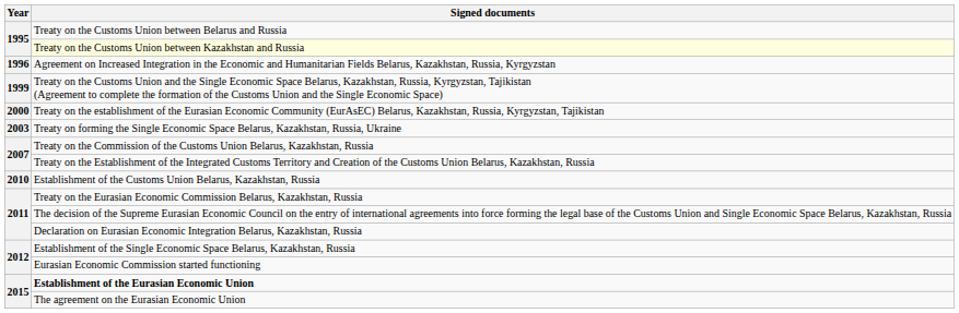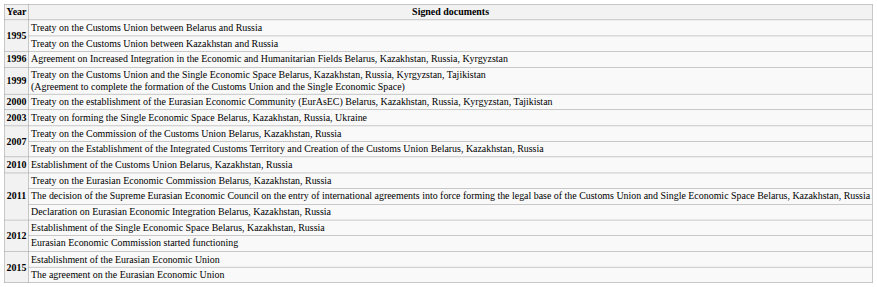 <table class="wikitable">
 <tr>
 <th scope="col">Year</th>
 <th scope="col">Signed documents</th>
 </tr>
 <tr>
 <th scope="row" rowspan="2">1995</th>
 <td>Treaty on the Customs Union between Belarus and Russia</td>
 </tr>
 <tr>
-<td style="background: lightyellow;">Treaty on the Customs Union between Kazakhstan and Russia</td>
+<td>Treaty on the Customs Union between Kazakhstan and Russia</td>
 </tr>
 <tr>
 <th scope="row">1996</th>
 <td>Agreement on Increased Integration in the Economic and Humanitarian Fields Belarus, Kazakhstan, Russia, Kyrgyzstan</td>
 </tr>
 <tr>
 <th scope="row">1999</th>
 <td>Treaty on the Customs Union and the Single Economic Space Belarus, Kazakhstan, Russia, Kyrgyzstan, Tajikistan <br> (Agreement to complete the formation of the Customs Union and the Single Economic Space)</td>
 </tr>
 <tr>
 <th scope="row">2000</th>
 <td>Treaty on the establishment of the Eurasian Economic Community (EurAsEC) Belarus, Kazakhstan, Russia, Kyrgyzstan, Tajikistan</td>
 </tr>
 <tr>
 <th scope="row">2003</th>
 <td>Treaty on forming the Single Economic Space Belarus, Kazakhstan, Russia, Ukraine</td>
 </tr>
 <tr>
 <th scope="row" rowspan="2">2007</th>
 <td>Treaty on the Commission of the Customs Union Belarus, Kazakhstan, Russia</td>
 </tr>
 <tr>
 <td>Treaty on the Establishment of the Integrated Customs Territory and Creation of the Customs Union Belarus, Kazakhstan, Russia</td>
 </tr>
 <tr>
 <th scope="row">2010</th>
 <td>Establishment of the Customs Union Belarus, Kazakhstan, Russia</td>
 </tr>
 <tr>
 <th scope="row" rowspan="3">2011</th>
 <td>Treaty on the Eurasian Economic Commission Belarus, Kazakhstan, Russia</td>
 </tr>
 <tr>
 <td>The decision of the Supreme Eurasian Economic Council on the entry of international agreements into force forming the legal base of the Customs Union and Single Economic Space Belarus, Kazakhstan, Russia</td>
 </tr>
 <tr>
 <td>Declaration on Eurasian Economic Integration Belarus, Kazakhstan, Russia</td>
 </tr>
 <tr>
 <th scope="row" rowspan="2">2012</th>
 <td>Establishment of the Single Economic Space Belarus, Kazakhstan, Russia</td>
 </tr>
 <tr>
 <td>Eurasian Economic Commission started functioning</td>
 </tr>
 <tr>
 <th scope="row" rowspan="2">2015</th>
-<td><strong>Establishment of the Eurasian Economic Union</strong></td>
+<td>Establishment of the Eurasian Economic Union</td>
 </tr>
 <tr>
 <td>The agreement on the Eurasian Economic Union</td>
 </tr>
 </table>
